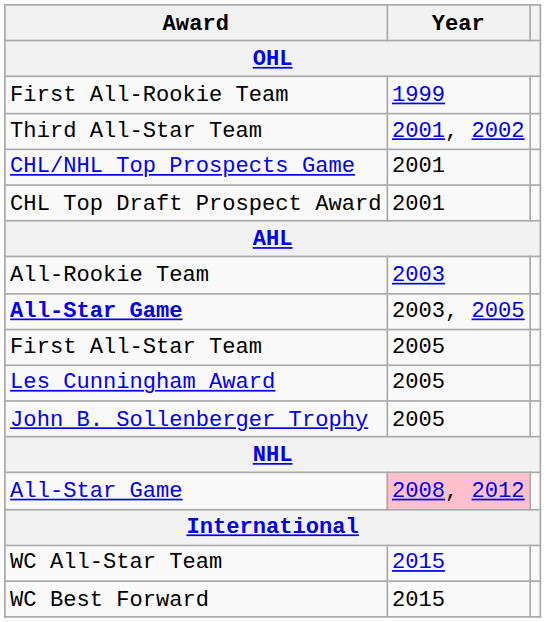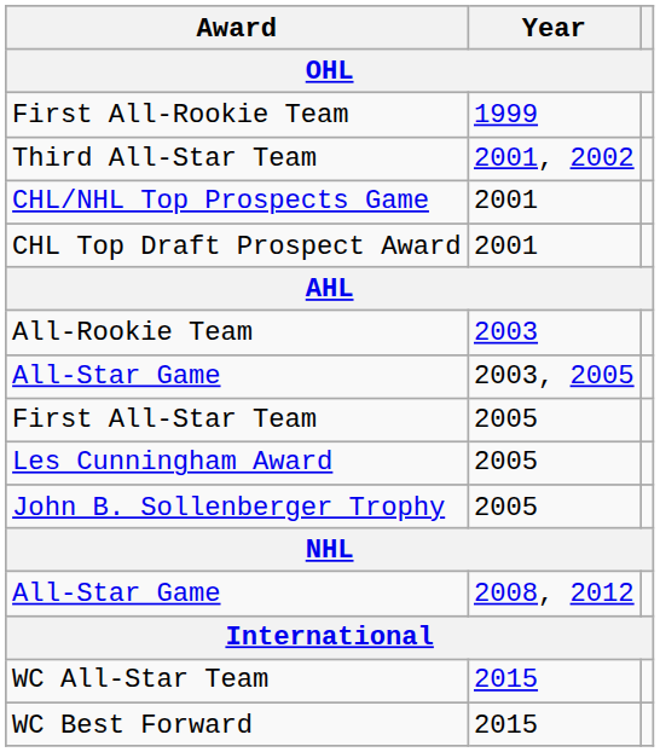 <table class="wikitable">
 <tr>
 <th>Award</th>
 <th>Year</th>
 <th></th>
 </tr>
 <tr>
 <th colspan="3"><a href='#'>OHL</a></th>
 </tr>
 <tr>
 <td>First All-Rookie Team</td>
 <td><a href='#'>1999</a></td>
 <td></td>
 </tr>
 <tr>
 <td>Third All-Star Team</td>
 <td><a href='#'>2001</a>, <a href='#'>2002</a></td>
 <td></td>
 </tr>
 <tr>
 <td><a href='#'>CHL/NHL Top Prospects Game</a></td>
 <td>2001</td>
 <td></td>
 </tr>
 <tr>
 <td>CHL Top Draft Prospect Award</td>
 <td>2001</td>
 <td></td>
 </tr>
 <tr>
 <th colspan="3"><a href='#'>AHL</a></th>
 </tr>
 <tr>
 <td>All-Rookie Team</td>
 <td><a href='#'>2003</a></td>
 <td></td>
 </tr>
 <tr>
-<td><strong><a href='#'>All-Star Game</a></strong></td>
+<td><a href='#'>All-Star Game</a></td>
 <td>2003, <a href='#'>2005</a></td>
 <td></td>
 </tr>
 <tr>
 <td>First All-Star Team</td>
 <td>2005</td>
 <td></td>
 </tr>
 <tr>
 <td><a href='#'>Les Cunningham Award</a></td>
 <td>2005</td>
 <td></td>
 </tr>
 <tr>
 <td><a href='#'>John B. Sollenberger Trophy</a></td>
 <td>2005</td>
 <td></td>
 </tr>
 <tr>
 <th colspan="3"><a href='#'>NHL</a></th>
 </tr>
 <tr>
 <td><a href='#'>All-Star Game</a></td>
-<td style="background: pink;"><a href='#'>2008</a>, <a href='#'>2012</a></td>
+<td><a href='#'>2008</a>, <a href='#'>2012</a></td>
 <td></td>
 </tr>
 <tr>
 <th colspan="3"><a href='#'>International</a></th>
 </tr>
 <tr>
 <td>WC All-Star Team</td>
 <td><a href='#'>2015</a></td>
 <td></td>
 </tr>
 <tr>
 <td>WC Best Forward</td>
 <td>2015</td>
 <td></td>
 </tr>
 </table>
